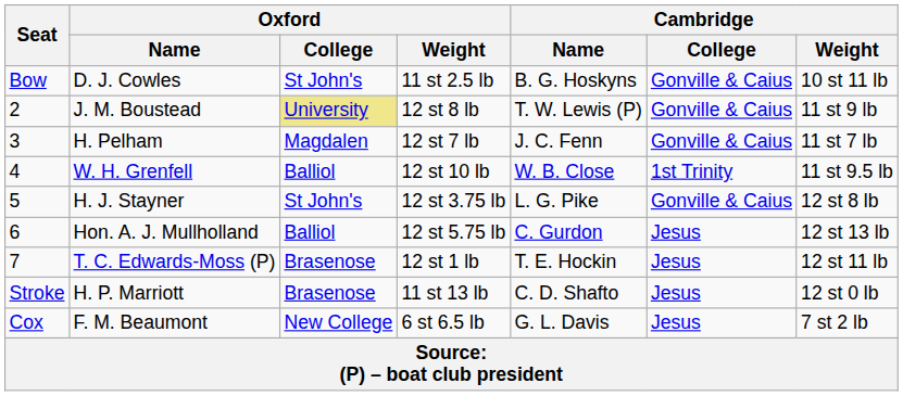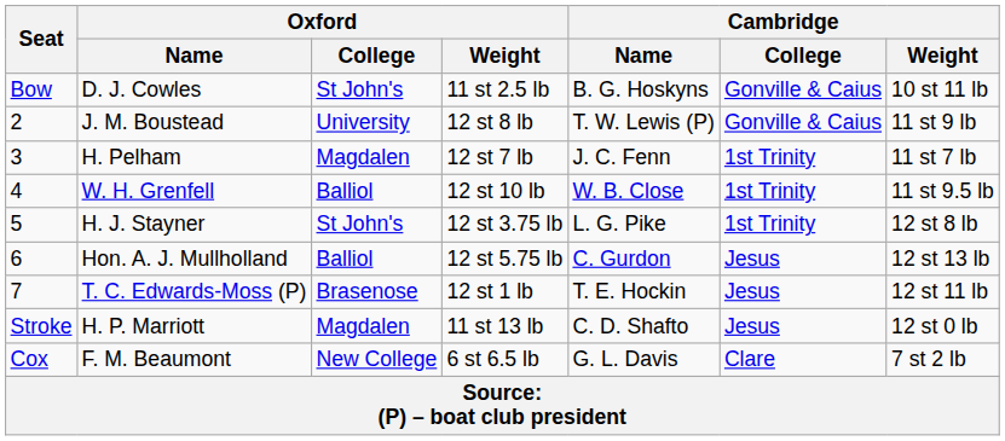 <table class="wikitable">
 <tr>
 <th rowspan="2" scope="col">Seat</th>
 <th colspan="3" scope="col">Oxford <br> </th>
 <th colspan="3" scope="col">Cambridge <br> </th>
 </tr>
 <tr>
 <th>Name</th>
 <th>College</th>
 <th>Weight</th>
 <th>Name</th>
 <th>College</th>
 <th>Weight</th>
 </tr>
 <tr>
 <td><a href='#'>Bow</a></td>
 <td>D. J. Cowles</td>
 <td><a href='#'>St John's</a></td>
 <td>11 st 2.5 lb</td>
 <td>B. G. Hoskyns</td>
 <td><a href='#'>Gonville & Caius</a></td>
 <td>10 st 11 lb</td>
 </tr>
 <tr>
 <td>2</td>
 <td>J. M. Boustead</td>
-<td style="background: khaki;"><a href='#'>University</a></td>
+<td><a href='#'>University</a></td>
 <td>12 st 8 lb</td>
 <td>T. W. Lewis (P)</td>
 <td><a href='#'>Gonville & Caius</a></td>
 <td>11 st 9 lb</td>
 </tr>
 <tr>
 <td>3</td>
 <td>H. Pelham</td>
 <td><a href='#'>Magdalen</a></td>
 <td>12 st 7 lb</td>
 <td>J. C. Fenn</td>
-<td><a href='#'>Gonville & Caius</a></td>
+<td><a href='#'>1st Trinity</a></td>
 <td>11 st 7 lb</td>
 </tr>
 <tr>
 <td>4</td>
 <td><a href='#'>W. H. Grenfell</a></td>
 <td><a href='#'>Balliol</a></td>
 <td>12 st 10 lb</td>
 <td><a href='#'>W. B. Close</a></td>
 <td><a href='#'>1st Trinity</a></td>
 <td>11 st 9.5 lb</td>
 </tr>
 <tr>
 <td>5</td>
 <td>H. J. Stayner</td>
 <td><a href='#'>St John's</a></td>
 <td>12 st 3.75 lb</td>
 <td>L. G. Pike</td>
-<td><a href='#'>Gonville & Caius</a></td>
+<td><a href='#'>1st Trinity</a></td>
 <td>12 st 8 lb</td>
 </tr>
 <tr>
 <td>6</td>
 <td>Hon. A. J. Mullholland</td>
 <td><a href='#'>Balliol</a></td>
 <td>12 st 5.75 lb</td>
 <td><a href='#'>C. Gurdon</a></td>
 <td><a href='#'>Jesus</a></td>
 <td>12 st 13 lb</td>
 </tr>
 <tr>
 <td>7</td>
 <td><a href='#'>T. C. Edwards-Moss</a> (P)</td>
 <td><a href='#'>Brasenose</a></td>
 <td>12 st 1 lb</td>
 <td>T. E. Hockin</td>
 <td><a href='#'>Jesus</a></td>
 <td>12 st 11 lb</td>
 </tr>
 <tr>
 <td><a href='#'>Stroke</a></td>
 <td>H. P. Marriott</td>
-<td><a href='#'>Brasenose</a></td>
+<td><a href='#'>Magdalen</a></td>
 <td>11 st 13 lb</td>
 <td>C. D. Shafto</td>
 <td><a href='#'>Jesus</a></td>
 <td>12 st 0 lb</td>
 </tr>
 <tr>
 <td><a href='#'>Cox</a></td>
 <td>F. M. Beaumont</td>
 <td><a href='#'>New College</a></td>
 <td>6 st 6.5 lb</td>
 <td>G. L. Davis</td>
-<td><a href='#'>Jesus</a></td>
+<td><a href='#'>Clare</a></td>
 <td>7 st 2 lb</td>
 </tr>
 <tr>
 <th colspan="7">Source:<br>(P) – boat club president</th>
 </tr>
 </table>
